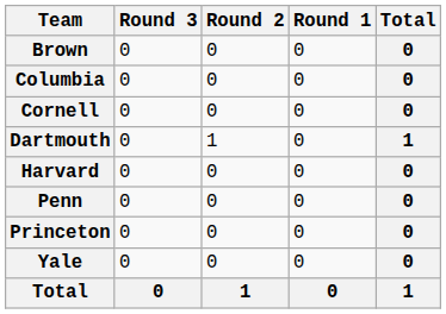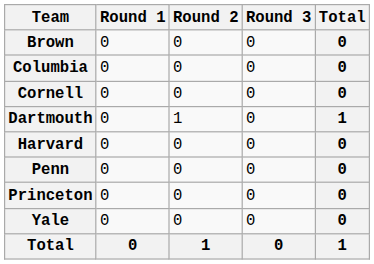 <table class="wikitable sortable">
 <tr>
 <th>Team</th>
+<th>Round 1</th>
+<th>Round 2</th>
 <th>Round 3</th>
-<th>Round 2</th>
-<th>Round 1</th>
 <th>Total</th>
 </tr>
 <tr>
 <th>Brown</th>
 <td>0</td>
 <td>0</td>
 <td>0</td>
 <th>0</th>
 </tr>
 <tr>
 <th>Columbia</th>
 <td>0</td>
 <td>0</td>
 <td>0</td>
 <th>0</th>
 </tr>
 <tr>
 <th>Cornell</th>
 <td>0</td>
 <td>0</td>
 <td>0</td>
 <th>0</th>
 </tr>
 <tr>
 <th>Dartmouth</th>
 <td>0</td>
 <td>1</td>
 <td>0</td>
 <th>1</th>
 </tr>
 <tr>
 <th>Harvard</th>
 <td>0</td>
 <td>0</td>
 <td>0</td>
 <th>0</th>
 </tr>
 <tr>
 <th>Penn</th>
 <td>0</td>
 <td>0</td>
 <td>0</td>
 <th>0</th>
 </tr>
 <tr>
 <th>Princeton</th>
 <td>0</td>
 <td>0</td>
 <td>0</td>
 <th>0</th>
 </tr>
 <tr>
 <th>Yale</th>
 <td>0</td>
 <td>0</td>
 <td>0</td>
 <th>0</th>
 </tr>
 <tr>
 <th>Total</th>
 <th>0</th>
 <th>1</th>
 <th>0</th>
 <th>1</th>
 </tr>
 </table>
